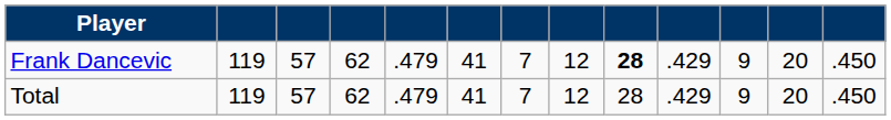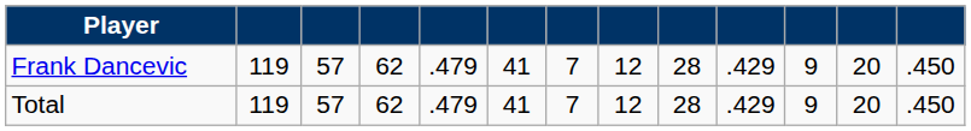 <table class="wikitable" style="text-align:center">
 <tr>
 <th style="background:#003366; color:white" width="200px">Player</th>
 <th style="background:#003366; color:white" width="40px"></th>
 <th style="background:#003366; color:white" width="40px"></th>
 <th style="background:#003366; color:white" width="40px"></th>
 <th style="background:#003366; color:white" width="40px"></th>
 <th style="background:#003366; color:white" width="40px"></th>
 <th style="background:#003366; color:white" width="40px"></th>
 <th style="background:#003366; color:white" width="40px"></th>
 <th style="background:#003366; color:white" width="40px"></th>
 <th style="background:#003366; color:white" width="40px"></th>
 <th style="background:#003366; color:white" width="40px"></th>
 <th style="background:#003366; color:white" width="40px"></th>
 <th style="background:#003366; color:white" width="40px"></th>
 </tr>
 <tr>
 <td style="text-align:left"><a href='#'>Frank Dancevic</a></td>
 <td>119</td>
 <td>57</td>
 <td>62</td>
 <td>.479</td>
 <td>41</td>
 <td>7</td>
 <td>12</td>
-<td><strong>28</strong></td>
+<td>28</td>
 <td>.429</td>
 <td>9</td>
 <td>20</td>
 <td>.450</td>
 </tr>
 <tr>
 <td style="text-align:left">Total</td>
 <td>119</td>
 <td>57</td>
 <td>62</td>
 <td>.479</td>
 <td>41</td>
 <td>7</td>
 <td>12</td>
 <td>28</td>
 <td>.429</td>
 <td>9</td>
 <td>20</td>
 <td>.450</td>
 </tr>
 </table>
